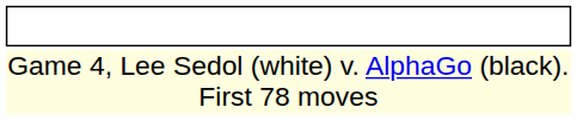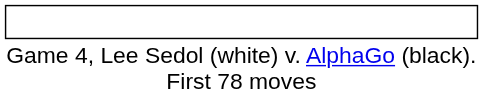 <table style="display:inline; display:inline-table;">
 <tr>
 <td style="border: solid thin; padding: 2px;"><br></td>
 </tr>
 <tr>
-<td style="background: lightyellow; text-align:center">Game 4, Lee Sedol (white) v. <a href='#'>AlphaGo</a> (black).<br>First 78 moves</td>
+<td style="text-align:center">Game 4, Lee Sedol (white) v. <a href='#'>AlphaGo</a> (black).<br>First 78 moves</td>
 </tr>
 </table>
